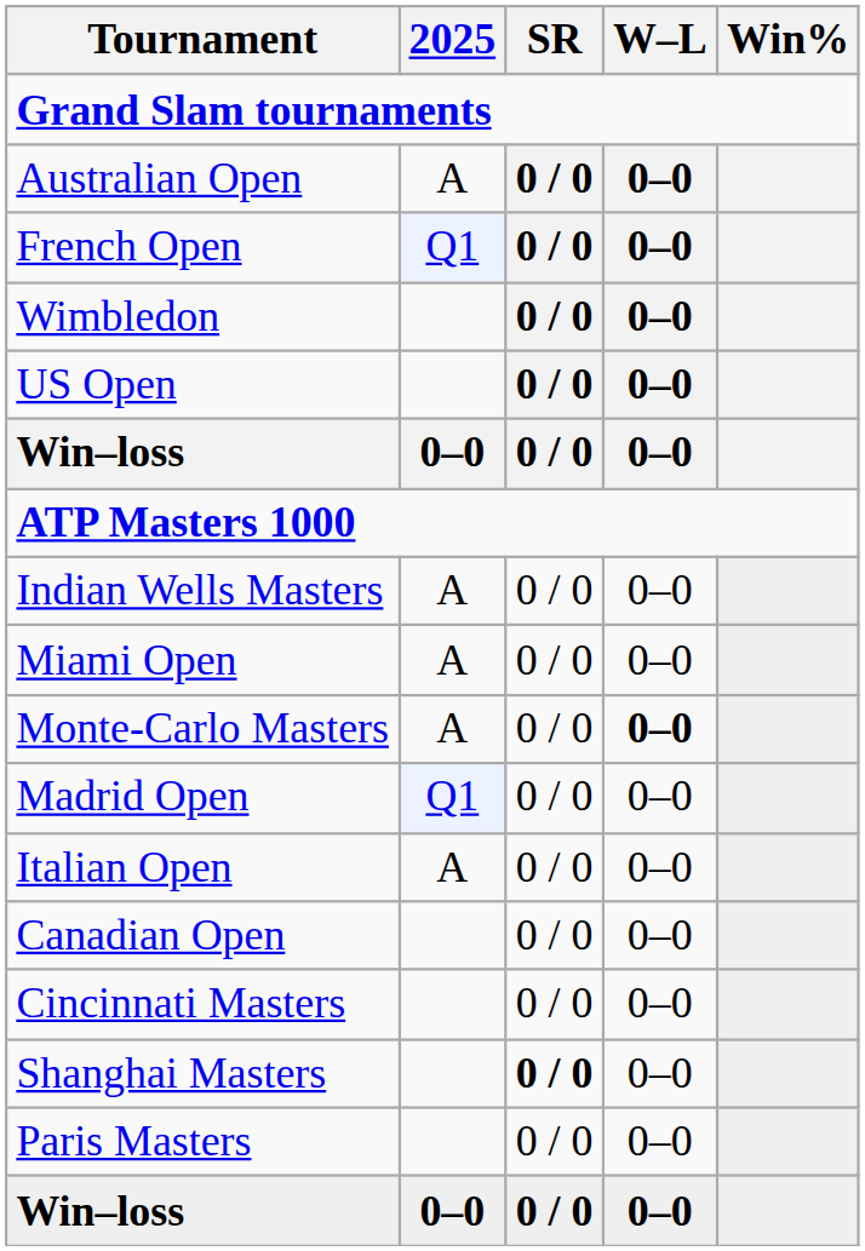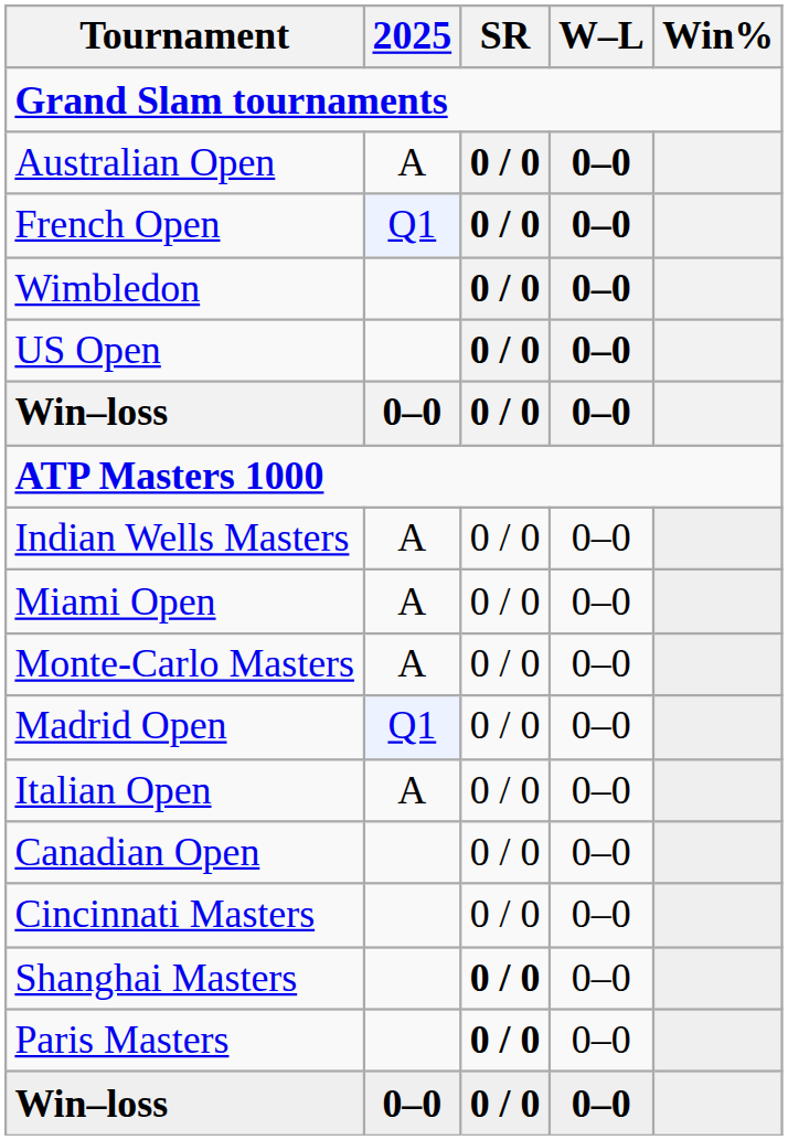 <table class=wikitable style=text-align:center>
 <tr>
 <th>Tournament</th>
 <th><a href='#'>2025</a></th>
 <th>SR</th>
 <th>W–L</th>
 <th>Win%</th>
 </tr>
 <tr>
 <td colspan="11" style="text-align:left"><strong><a href='#'>Grand Slam tournaments</a></strong></td>
 </tr>
 <tr>
 <td align=left><a href='#'>Australian Open</a></td>
 <td>A</td>
 <th>0 / 0</th>
 <th>0–0</th>
 <th></th>
 </tr>
 <tr>
 <td align=left><a href='#'>French Open</a></td>
 <td bgcolor=ecf2ff><a href='#'>Q1</a></td>
 <th>0 / 0</th>
 <th>0–0</th>
 <th></th>
 </tr>
 <tr>
 <td align=left><a href='#'>Wimbledon</a></td>
 <td></td>
 <th>0 / 0</th>
 <th>0–0</th>
 <th></th>
 </tr>
 <tr>
 <td align=left><a href='#'>US Open</a></td>
 <td></td>
 <th>0 / 0</th>
 <th>0–0</th>
 <th></th>
 </tr>
 <tr>
 <th style=text-align:left>Win–loss</th>
 <th>0–0</th>
 <th>0 / 0</th>
 <th>0–0</th>
 <th></th>
 </tr>
 <tr>
 <td colspan=8 align="left"><strong><a href='#'>ATP Masters 1000</a></strong></td>
 </tr>
 <tr>
 <td align=left><a href='#'>Indian Wells Masters</a></td>
 <td>A</td>
 <td>0 / 0</td>
 <td>0–0</td>
 <td bgcolor=efefef></td>
 </tr>
 <tr>
 <td align=left><a href='#'>Miami Open</a></td>
 <td>A</td>
 <td>0 / 0</td>
 <td>0–0</td>
 <td bgcolor=efefef></td>
 </tr>
 <tr>
 <td align=left><a href='#'>Monte-Carlo Masters</a></td>
 <td>A</td>
 <td>0 / 0</td>
-<td><strong>0–0</strong></td>
+<td>0–0</td>
 <td bgcolor=efefef></td>
 </tr>
 <tr>
 <td align=left><a href='#'>Madrid Open</a></td>
 <td bgcolor=ecf2ff><a href='#'>Q1</a></td>
 <td>0 / 0</td>
 <td>0–0</td>
 <td bgcolor=efefef></td>
 </tr>
 <tr>
 <td align=left><a href='#'>Italian Open</a></td>
 <td>A</td>
 <td>0 / 0</td>
 <td>0–0</td>
 <td bgcolor=efefef></td>
 </tr>
 <tr>
 <td align=left><a href='#'>Canadian Open</a></td>
 <td></td>
 <td>0 / 0</td>
 <td>0–0</td>
 <td bgcolor=efefef></td>
 </tr>
 <tr>
 <td align=left><a href='#'>Cincinnati Masters</a></td>
 <td></td>
 <td>0 / 0</td>
 <td>0–0</td>
 <td bgcolor=efefef></td>
 </tr>
 <tr>
 <td align=left><a href='#'>Shanghai Masters</a></td>
 <td></td>
 <td><strong>0 / 0</strong></td>
 <td>0–0</td>
 <td bgcolor=efefef></td>
 </tr>
 <tr>
 <td align=left><a href='#'>Paris Masters</a></td>
 <td></td>
-<td>0 / 0</td>
+<td><strong>0 / 0</strong></td>
 <td>0–0</td>
 <td bgcolor=efefef></td>
 </tr>
 <tr style=font-weight:bold;background:#efefef>
 <td style=text-align:left>Win–loss</td>
 <td>0–0</td>
 <td>0 / 0</td>
 <td>0–0</td>
 <td bgcolor=efefef></td>
 </tr>
 </table>
